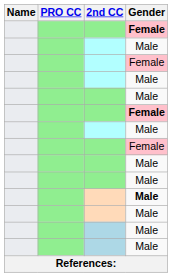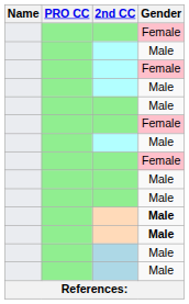 <table class="wikitable sortable" style=text-align:center>
 <tr>
 <th>Name</th>
 <th unsortable><a href='#'>PRO CC</a></th>
 <th unsortable><a href='#'>2nd CC</a></th>
 <th>Gender</th>
 </tr>
 <tr>
 <td bgcolor = #EAECF0></td>
 <td bgcolor = LightGreen></td>
 <td bgcolor = LightGreen></td>
-<td bgcolor = Pink><strong>Female</strong></td>
+<td bgcolor = Pink>Female</td>
 </tr>
 <tr>
 <td bgcolor = #EAECF0></td>
 <td bgcolor = LightGreen></td>
 <td bgcolor = #B2FFFF></td>
 <td>Male</td>
 </tr>
 <tr>
 <td bgcolor = #EAECF0></td>
 <td bgcolor = LightGreen></td>
 <td bgcolor = #B2FFFF></td>
 <td bgcolor = Pink>Female</td>
 </tr>
 <tr>
 <td bgcolor = #EAECF0></td>
 <td bgcolor = LightGreen></td>
 <td bgcolor = #B2FFFF></td>
 <td>Male</td>
 </tr>
 <tr>
 <td bgcolor = #EAECF0></td>
 <td bgcolor = LightGreen></td>
 <td bgcolor = LightGreen></td>
 <td>Male</td>
 </tr>
 <tr>
 <td bgcolor = #EAECF0></td>
 <td bgcolor = LightGreen></td>
 <td bgcolor = LightGreen></td>
-<td bgcolor = Pink><strong>Female</strong></td>
+<td bgcolor = Pink>Female</td>
 </tr>
 <tr>
 <td bgcolor = #EAECF0></td>
 <td bgcolor = LightGreen></td>
 <td bgcolor = #B2FFFF></td>
 <td>Male</td>
 </tr>
 <tr>
 <td bgcolor = #EAECF0></td>
 <td bgcolor = LightGreen></td>
 <td bgcolor = LightGreen></td>
 <td bgcolor = Pink>Female</td>
 </tr>
 <tr>
 <td bgcolor = #EAECF0></td>
 <td bgcolor = LightGreen></td>
 <td bgcolor = LightGreen></td>
 <td>Male</td>
 </tr>
 <tr>
 <td bgcolor = #EAECF0></td>
 <td bgcolor = LightGreen></td>
 <td bgcolor = LightGreen></td>
 <td>Male</td>
 </tr>
 <tr>
 <td bgcolor = #EAECF0></td>
 <td bgcolor = LightGreen></td>
 <td bgcolor = PeachPuff></td>
 <td><strong>Male</strong></td>
 </tr>
 <tr>
 <td bgcolor = #EAECF0></td>
 <td bgcolor = LightGreen></td>
 <td bgcolor = PeachPuff></td>
-<td>Male</td>
+<td><strong>Male</strong></td>
 </tr>
 <tr>
 <td bgcolor = #EAECF0></td>
 <td bgcolor = LightGreen></td>
 <td bgcolor = LightBlue></td>
 <td>Male</td>
 </tr>
 <tr>
 <td bgcolor = #EAECF0></td>
 <td bgcolor = LightGreen></td>
 <td bgcolor = LightBlue></td>
 <td>Male</td>
 </tr>
 <tr class=sortbottom>
 <th colspan = "23" align = left><strong>References:</strong><br></th>
 </tr>
 </table>
